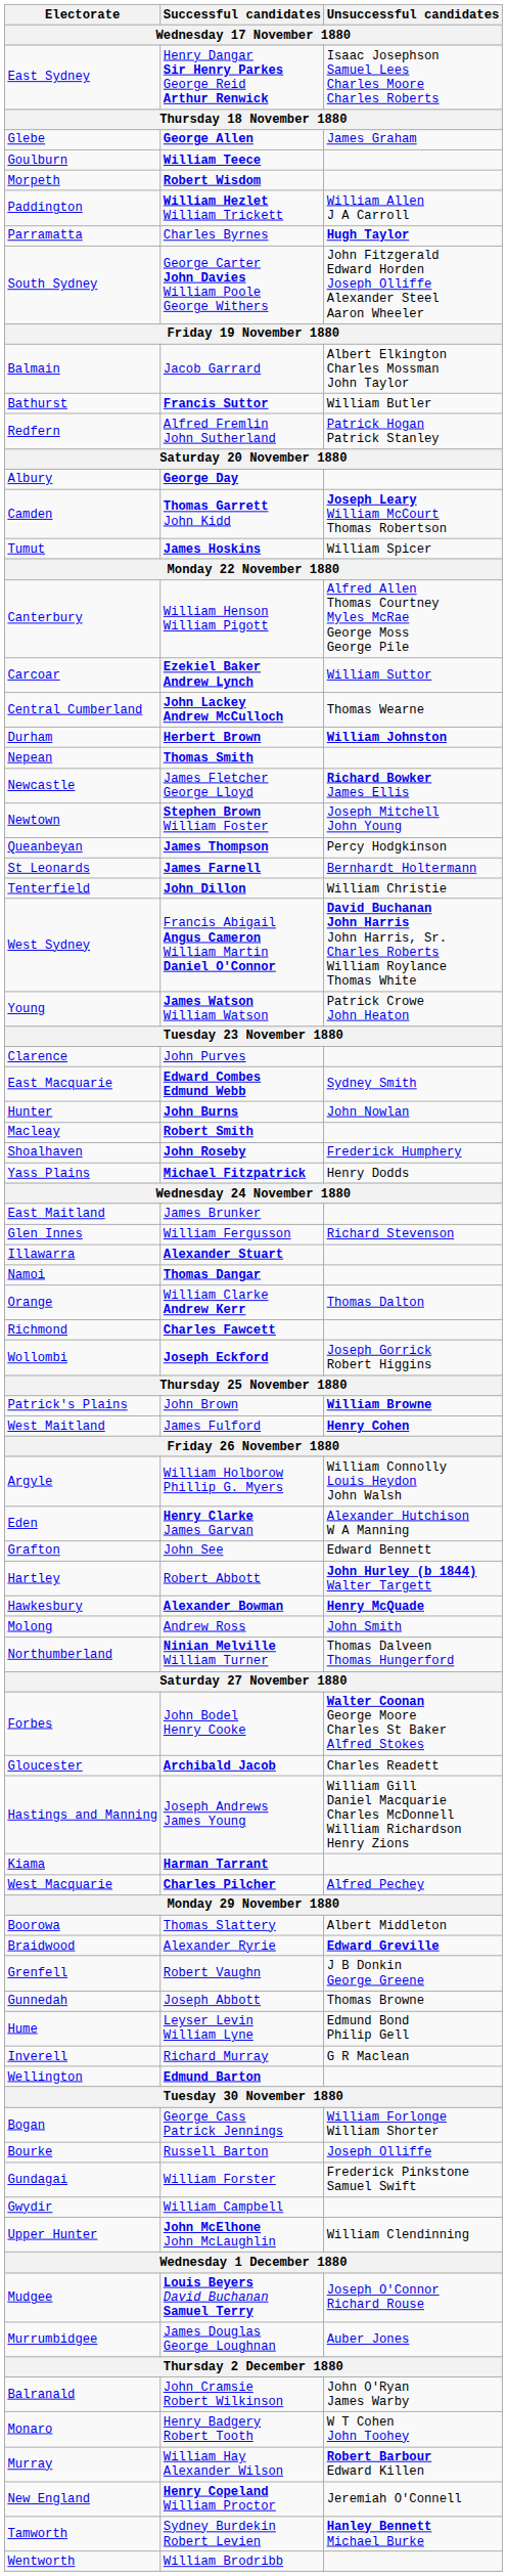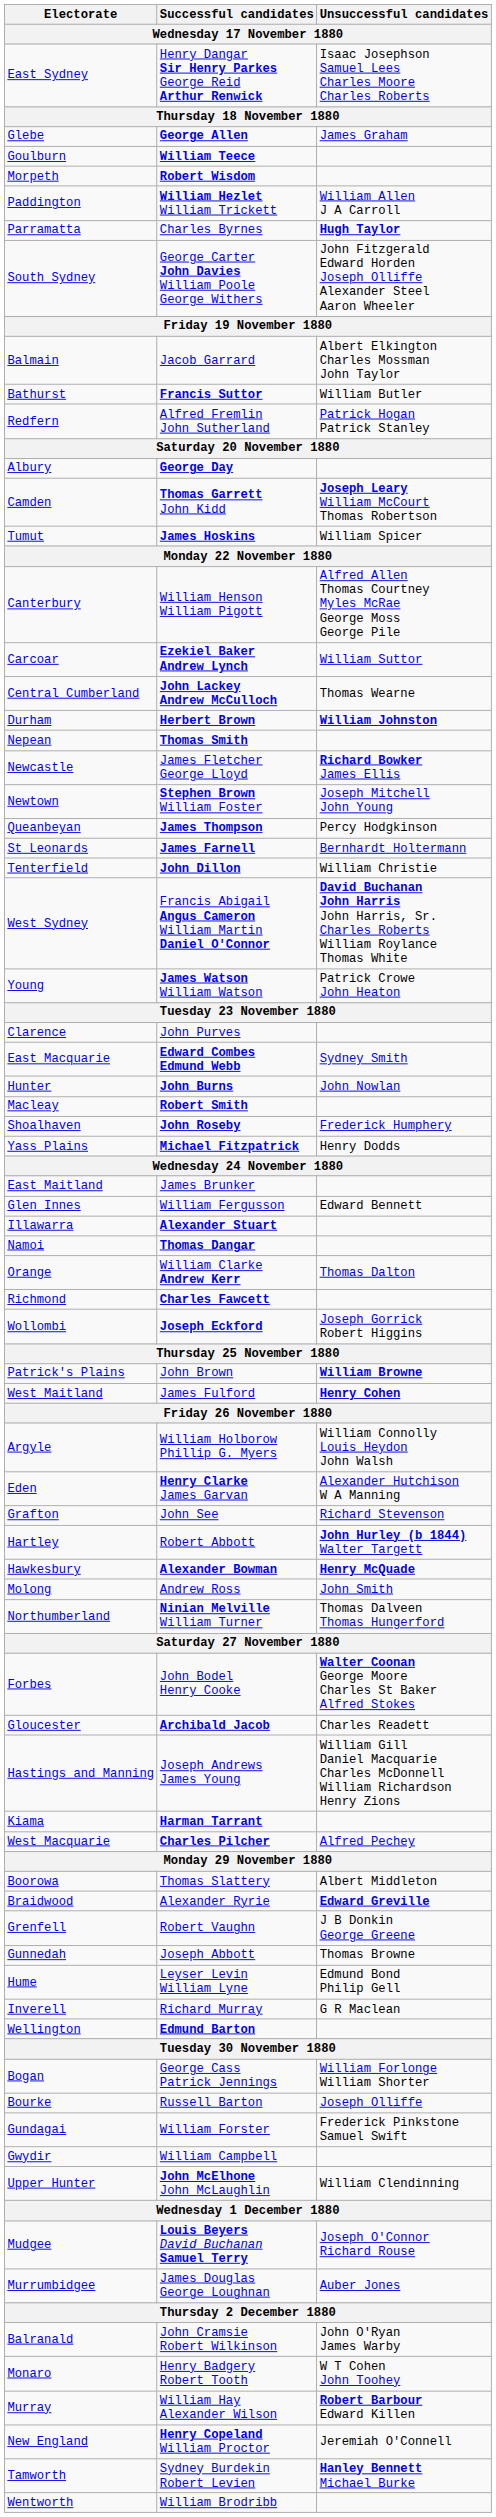 <table class="wikitable">
 <tr>
 <th>Electorate</th>
 <th>Successful candidates</th>
 <th>Unsuccessful candidates</th>
 </tr>
 <tr bgcolor="#cccccc">
 <th colspan=6>Wednesday 17 November 1880</th>
 </tr>
 <tr>
 <td><a href='#'>East Sydney</a></td>
 <td><a href='#'>Henry Dangar</a> <br> <strong><a href='#'>Sir Henry Parkes</a></strong> <br> <a href='#'>George Reid</a> <br> <strong><a href='#'>Arthur Renwick</a></strong></td>
 <td>Isaac Josephson <br> <a href='#'>Samuel Lees</a> <br> <a href='#'>Charles Moore</a> <br> <a href='#'>Charles Roberts</a></td>
 </tr>
 <tr bgcolor="#cccccc">
 <th colspan=6>Thursday 18 November 1880</th>
 </tr>
 <tr>
 <td><a href='#'>Glebe</a></td>
 <td><strong><a href='#'>George Allen</a></strong></td>
 <td><a href='#'>James Graham</a></td>
 </tr>
 <tr>
 <td><a href='#'>Goulburn</a></td>
 <td><strong><a href='#'>William Teece</a></strong></td>
 <td></td>
 </tr>
 <tr>
 <td><a href='#'>Morpeth</a></td>
 <td><strong><a href='#'>Robert Wisdom</a></strong></td>
 <td></td>
 </tr>
 <tr>
 <td><a href='#'>Paddington</a></td>
 <td><strong><a href='#'>William Hezlet</a></strong> <br> <a href='#'>William Trickett</a></td>
 <td><a href='#'>William Allen</a> <br> J A Carroll</td>
 </tr>
 <tr>
 <td><a href='#'>Parramatta</a></td>
 <td><a href='#'>Charles Byrnes</a></td>
 <td><strong><a href='#'>Hugh Taylor</a></strong></td>
 </tr>
 <tr>
 <td><a href='#'>South Sydney</a></td>
 <td><a href='#'>George Carter</a> <br> <strong><a href='#'>John Davies</a></strong> <br> <a href='#'>William Poole</a> <br> <a href='#'>George Withers</a></td>
 <td>John Fitzgerald <br> Edward Horden <br> <a href='#'>Joseph Olliffe</a> <br> Alexander Steel <br> Aaron Wheeler</td>
 </tr>
 <tr bgcolor="#cccccc">
 <th colspan=6>Friday 19 November 1880</th>
 </tr>
 <tr>
 <td><a href='#'>Balmain</a></td>
 <td><a href='#'>Jacob Garrard</a></td>
 <td>Albert Elkington <br> Charles Mossman <br> John Taylor</td>
 </tr>
 <tr>
 <td><a href='#'>Bathurst</a></td>
 <td><strong><a href='#'>Francis Suttor</a></strong></td>
 <td>William Butler</td>
 </tr>
 <tr>
 <td><a href='#'>Redfern</a></td>
 <td><a href='#'>Alfred Fremlin</a> <br> <a href='#'>John Sutherland</a></td>
 <td><a href='#'>Patrick Hogan</a> <br> Patrick Stanley</td>
 </tr>
 <tr bgcolor="#cccccc">
 <th colspan=6>Saturday 20 November 1880</th>
 </tr>
 <tr>
 <td><a href='#'>Albury</a></td>
 <td><strong><a href='#'>George Day</a></strong></td>
 <td></td>
 </tr>
 <tr>
 <td><a href='#'>Camden</a></td>
 <td><strong><a href='#'>Thomas Garrett</a></strong> <br> <a href='#'>John Kidd</a></td>
 <td><strong><a href='#'>Joseph Leary</a></strong> <br> <a href='#'>William McCourt</a> <br> Thomas Robertson</td>
 </tr>
 <tr>
 <td><a href='#'>Tumut</a></td>
 <td><strong><a href='#'>James Hoskins</a></strong></td>
 <td>William Spicer</td>
 </tr>
 <tr bgcolor="#cccccc">
 <th colspan=6>Monday 22 November 1880</th>
 </tr>
 <tr>
 <td><a href='#'>Canterbury</a></td>
 <td><a href='#'>William Henson</a> <br> <a href='#'>William Pigott</a></td>
 <td><a href='#'>Alfred Allen</a> <br> Thomas Courtney <br> <a href='#'>Myles McRae</a> <br> George Moss <br> George Pile</td>
 </tr>
 <tr>
 <td><a href='#'>Carcoar</a></td>
 <td><strong><a href='#'>Ezekiel Baker</a></strong> <br> <strong><a href='#'>Andrew Lynch</a></strong></td>
 <td><a href='#'>William Suttor</a></td>
 </tr>
 <tr>
 <td><a href='#'>Central Cumberland</a></td>
 <td><strong><a href='#'>John Lackey</a></strong> <br> <strong><a href='#'>Andrew McCulloch</a></strong></td>
 <td>Thomas Wearne</td>
 </tr>
 <tr>
 <td><a href='#'>Durham</a></td>
 <td><strong><a href='#'>Herbert Brown</a></strong></td>
 <td><strong><a href='#'>William Johnston</a></strong></td>
 </tr>
 <tr>
 <td><a href='#'>Nepean</a></td>
 <td><strong><a href='#'>Thomas Smith</a></strong></td>
 <td></td>
 </tr>
 <tr>
 <td><a href='#'>Newcastle</a></td>
 <td><a href='#'>James Fletcher</a> <br> <a href='#'>George Lloyd</a></td>
 <td><strong><a href='#'>Richard Bowker</a></strong> <br> <a href='#'>James Ellis</a></td>
 </tr>
 <tr>
 <td><a href='#'>Newtown</a></td>
 <td><strong><a href='#'>Stephen Brown</a></strong> <br> <a href='#'>William Foster</a></td>
 <td><a href='#'>Joseph Mitchell</a> <br> <a href='#'>John Young</a></td>
 </tr>
 <tr>
 <td><a href='#'>Queanbeyan</a></td>
 <td><strong><a href='#'>James Thompson</a></strong></td>
 <td>Percy Hodgkinson</td>
 </tr>
 <tr>
 <td><a href='#'>St Leonards</a></td>
 <td><strong><a href='#'>James Farnell</a></strong></td>
 <td><a href='#'>Bernhardt Holtermann</a></td>
 </tr>
 <tr>
 <td><a href='#'>Tenterfield</a></td>
 <td><strong><a href='#'>John Dillon</a></strong></td>
 <td>William Christie</td>
 </tr>
 <tr>
 <td><a href='#'>West Sydney</a></td>
 <td><a href='#'>Francis Abigail</a> <br> <strong><a href='#'>Angus Cameron</a></strong> <br> <a href='#'>William Martin</a> <br> <strong><a href='#'>Daniel O'Connor</a></strong></td>
 <td><strong><a href='#'>David Buchanan</a></strong> <br> <strong><a href='#'>John Harris</a></strong> <br> John Harris, Sr. <br> <a href='#'>Charles Roberts</a> <br> William Roylance <br> Thomas White</td>
 </tr>
 <tr>
 <td><a href='#'>Young</a></td>
 <td><strong><a href='#'>James Watson</a></strong> <br> <a href='#'>William Watson</a></td>
 <td>Patrick Crowe <br> <a href='#'>John Heaton</a></td>
 </tr>
 <tr bgcolor="#cccccc">
 <th colspan=6>Tuesday 23 November 1880</th>
 </tr>
 <tr>
 <td><a href='#'>Clarence</a></td>
 <td><a href='#'>John Purves</a></td>
 <td></td>
 </tr>
 <tr>
 <td><a href='#'>East Macquarie</a></td>
 <td><strong><a href='#'>Edward Combes</a></strong> <br> <strong><a href='#'>Edmund Webb</a></strong></td>
 <td><a href='#'>Sydney Smith</a></td>
 </tr>
 <tr>
 <td><a href='#'>Hunter</a></td>
 <td><strong><a href='#'>John Burns</a></strong></td>
 <td><a href='#'>John Nowlan</a></td>
 </tr>
 <tr>
 <td><a href='#'>Macleay</a></td>
 <td><strong><a href='#'>Robert Smith</a></strong></td>
 <td></td>
 </tr>
 <tr>
 <td><a href='#'>Shoalhaven</a></td>
 <td><strong><a href='#'>John Roseby</a></strong></td>
 <td><a href='#'>Frederick Humphery</a></td>
 </tr>
 <tr>
 <td><a href='#'>Yass Plains</a></td>
 <td><strong><a href='#'>Michael Fitzpatrick</a></strong></td>
 <td>Henry Dodds</td>
 </tr>
 <tr bgcolor="#cccccc">
 <th colspan=6>Wednesday 24 November 1880</th>
 </tr>
 <tr>
 <td><a href='#'>East Maitland</a></td>
 <td><a href='#'>James Brunker</a></td>
 <td></td>
 </tr>
 <tr>
 <td><a href='#'>Glen Innes</a></td>
 <td><a href='#'>William Fergusson</a></td>
-<td><a href='#'>Richard Stevenson</a></td>
+<td>Edward Bennett</td>
 </tr>
 <tr>
 <td><a href='#'>Illawarra</a></td>
 <td><strong><a href='#'>Alexander Stuart</a></strong></td>
 <td></td>
 </tr>
 <tr>
 <td><a href='#'>Namoi</a></td>
 <td><strong><a href='#'>Thomas Dangar</a></strong></td>
 <td></td>
 </tr>
 <tr>
 <td><a href='#'>Orange</a></td>
 <td><a href='#'>William Clarke</a> <br> <strong><a href='#'>Andrew Kerr</a></strong></td>
 <td><a href='#'>Thomas Dalton</a></td>
 </tr>
 <tr>
 <td><a href='#'>Richmond</a></td>
 <td><strong><a href='#'>Charles Fawcett</a></strong></td>
 <td></td>
 </tr>
 <tr>
 <td><a href='#'>Wollombi</a></td>
 <td><strong><a href='#'>Joseph Eckford</a></strong></td>
 <td><a href='#'>Joseph Gorrick</a> <br> Robert Higgins</td>
 </tr>
 <tr bgcolor="#cccccc">
 <th colspan=6>Thursday 25 November 1880</th>
 </tr>
 <tr>
 <td><a href='#'>Patrick's Plains</a></td>
 <td><a href='#'>John Brown</a></td>
 <td><strong><a href='#'>William Browne</a></strong></td>
 </tr>
 <tr>
 <td><a href='#'>West Maitland</a></td>
 <td><a href='#'>James Fulford</a></td>
 <td><strong><a href='#'>Henry Cohen</a></strong></td>
 </tr>
 <tr bgcolor="#cccccc">
 <th colspan=6>Friday 26 November 1880</th>
 </tr>
 <tr>
 <td><a href='#'>Argyle</a></td>
 <td><a href='#'>William Holborow</a> <br> <a href='#'>Phillip G. Myers</a></td>
 <td>William Connolly <br> <a href='#'>Louis Heydon</a> <br> John Walsh</td>
 </tr>
 <tr>
 <td><a href='#'>Eden</a></td>
 <td><strong><a href='#'>Henry Clarke</a></strong> <br> <a href='#'>James Garvan</a></td>
 <td><a href='#'>Alexander Hutchison</a> <br> W A Manning</td>
 </tr>
 <tr>
 <td><a href='#'>Grafton</a></td>
 <td><a href='#'>John See</a></td>
-<td>Edward Bennett</td>
+<td><a href='#'>Richard Stevenson</a></td>
 </tr>
 <tr>
 <td><a href='#'>Hartley</a></td>
 <td><a href='#'>Robert Abbott</a></td>
 <td><a href='#'><strong>John Hurley (b 1844)</strong></a> <br> <a href='#'>Walter Targett</a></td>
 </tr>
 <tr>
 <td><a href='#'>Hawkesbury</a></td>
 <td><strong><a href='#'>Alexander Bowman</a></strong></td>
 <td><strong><a href='#'>Henry McQuade</a></strong></td>
 </tr>
 <tr>
 <td><a href='#'>Molong</a></td>
 <td><a href='#'>Andrew Ross</a></td>
 <td><a href='#'>John Smith</a></td>
 </tr>
 <tr>
 <td><a href='#'>Northumberland</a></td>
 <td><strong><a href='#'>Ninian Melville</a></strong> <br> <a href='#'>William Turner</a></td>
 <td>Thomas Dalveen <br> <a href='#'>Thomas Hungerford</a></td>
 </tr>
 <tr bgcolor="#cccccc">
 <th colspan=6>Saturday 27 November 1880</th>
 </tr>
 <tr>
 <td><a href='#'>Forbes</a></td>
 <td><a href='#'>John Bodel</a> <br> <a href='#'>Henry Cooke</a></td>
 <td><strong><a href='#'>Walter Coonan</a></strong> <br> George Moore <br> Charles St Baker <br> <a href='#'>Alfred Stokes</a></td>
 </tr>
 <tr>
 <td><a href='#'>Gloucester</a></td>
 <td><strong><a href='#'>Archibald Jacob</a></strong></td>
 <td>Charles Readett</td>
 </tr>
 <tr>
 <td><a href='#'>Hastings and Manning</a></td>
 <td><a href='#'>Joseph Andrews</a> <br> <a href='#'>James Young</a></td>
 <td>William Gill <br> Daniel Macquarie <br> Charles McDonnell <br> William Richardson <br> Henry Zions</td>
 </tr>
 <tr>
 <td><a href='#'>Kiama</a></td>
 <td><strong><a href='#'>Harman Tarrant</a></strong></td>
 <td></td>
 </tr>
 <tr>
 <td><a href='#'>West Macquarie</a></td>
 <td><strong><a href='#'>Charles Pilcher</a></strong></td>
 <td><a href='#'>Alfred Pechey</a></td>
 </tr>
 <tr bgcolor="#cccccc">
 <th colspan=6>Monday 29 November 1880</th>
 </tr>
 <tr>
 <td><a href='#'>Boorowa</a></td>
 <td><a href='#'>Thomas Slattery</a></td>
 <td>Albert Middleton</td>
 </tr>
 <tr>
 <td><a href='#'>Braidwood</a></td>
 <td><a href='#'>Alexander Ryrie</a></td>
 <td><strong><a href='#'>Edward Greville</a></strong></td>
 </tr>
 <tr>
 <td><a href='#'>Grenfell</a></td>
 <td><a href='#'>Robert Vaughn</a></td>
 <td>J B Donkin <br> <a href='#'>George Greene</a></td>
 </tr>
 <tr>
 <td><a href='#'>Gunnedah</a></td>
 <td><a href='#'>Joseph Abbott</a></td>
 <td>Thomas Browne</td>
 </tr>
 <tr>
 <td><a href='#'>Hume</a></td>
 <td><a href='#'>Leyser Levin</a> <br> <a href='#'>William Lyne</a></td>
 <td>Edmund Bond <br> Philip Gell</td>
 </tr>
 <tr>
 <td><a href='#'>Inverell</a></td>
 <td><a href='#'>Richard Murray</a></td>
 <td>G R Maclean</td>
 </tr>
 <tr>
 <td><a href='#'>Wellington</a></td>
 <td><strong><a href='#'>Edmund Barton</a></strong></td>
 <td></td>
 </tr>
 <tr bgcolor="#cccccc">
 <th colspan=6>Tuesday 30 November 1880</th>
 </tr>
 <tr>
 <td><a href='#'>Bogan</a></td>
 <td><a href='#'>George Cass</a> <br> <a href='#'>Patrick Jennings</a></td>
 <td><a href='#'>William Forlonge</a> <br> William Shorter</td>
 </tr>
 <tr>
 <td><a href='#'>Bourke</a></td>
 <td><a href='#'>Russell Barton</a></td>
 <td><a href='#'>Joseph Olliffe</a></td>
 </tr>
 <tr>
 <td><a href='#'>Gundagai</a></td>
 <td><a href='#'>William Forster</a></td>
 <td>Frederick Pinkstone <br> Samuel Swift</td>
 </tr>
 <tr>
 <td><a href='#'>Gwydir</a></td>
 <td><a href='#'>William Campbell</a></td>
 <td></td>
 </tr>
 <tr>
 <td><a href='#'>Upper Hunter</a></td>
 <td><strong><a href='#'>John McElhone</a></strong> <br> <a href='#'>John McLaughlin</a></td>
 <td>William Clendinning</td>
 </tr>
 <tr bgcolor="#cccccc">
 <th colspan=6>Wednesday 1 December 1880</th>
 </tr>
 <tr>
 <td><a href='#'>Mudgee</a></td>
 <td><a href='#'><strong>Louis Beyers</strong></a> <br> <em><a href='#'>David Buchanan</a></em> <br> <strong><a href='#'>Samuel Terry</a></strong></td>
 <td><a href='#'>Joseph O'Connor</a> <br> <a href='#'>Richard Rouse</a></td>
 </tr>
 <tr>
 <td><a href='#'>Murrumbidgee</a></td>
 <td><a href='#'>James Douglas</a> <br> <a href='#'>George Loughnan</a></td>
 <td><a href='#'>Auber Jones</a></td>
 </tr>
 <tr bgcolor="#cccccc">
 <th colspan=6>Thursday 2 December 1880</th>
 </tr>
 <tr>
 <td><a href='#'>Balranald</a></td>
 <td><a href='#'>John Cramsie</a> <br> <a href='#'>Robert Wilkinson</a></td>
 <td>John O'Ryan <br> James Warby</td>
 </tr>
 <tr>
 <td><a href='#'>Monaro</a></td>
 <td><a href='#'>Henry Badgery</a> <br> <a href='#'>Robert Tooth</a></td>
 <td>W T Cohen <br> <a href='#'>John Toohey</a></td>
 </tr>
 <tr>
 <td><a href='#'>Murray</a></td>
 <td><a href='#'>William Hay</a> <br> <a href='#'>Alexander Wilson</a></td>
 <td><strong><a href='#'>Robert Barbour</a></strong> <br> Edward Killen</td>
 </tr>
 <tr>
 <td><a href='#'>New England</a></td>
 <td><strong><a href='#'>Henry Copeland</a></strong> <br> <a href='#'>William Proctor</a></td>
 <td>Jeremiah O'Connell</td>
 </tr>
 <tr>
 <td><a href='#'>Tamworth</a></td>
 <td><a href='#'>Sydney Burdekin</a> <br> <a href='#'>Robert Levien</a></td>
 <td><strong><a href='#'>Hanley Bennett</a></strong> <br> <a href='#'>Michael Burke</a></td>
 </tr>
 <tr>
 <td><a href='#'>Wentworth</a></td>
 <td><a href='#'>William Brodribb</a></td>
 <td></td>
 </tr>
 </table>
